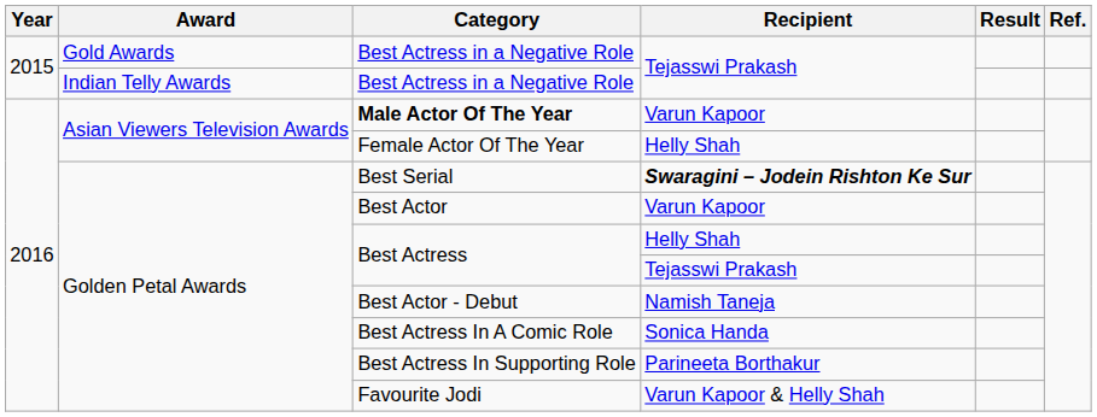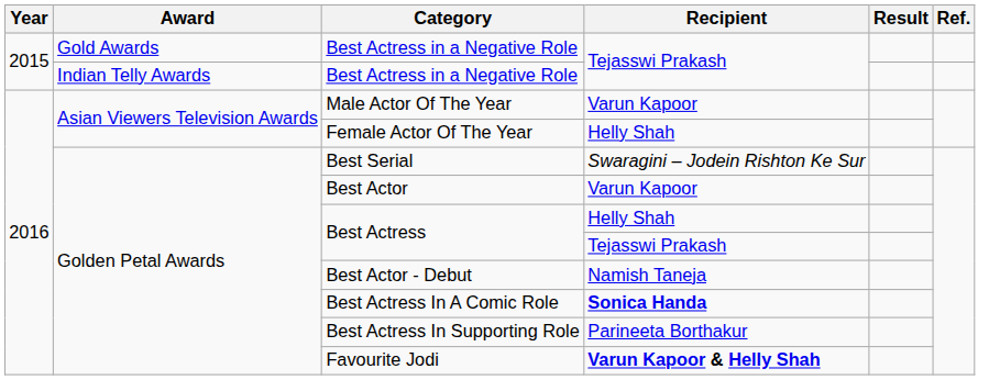 <table class="wikitable">
 <tr>
 <th>Year</th>
 <th>Award</th>
 <th>Category</th>
 <th>Recipient</th>
 <th>Result</th>
 <th>Ref.</th>
 </tr>
 <tr>
 <td rowspan="2">2015</td>
 <td><a href='#'>Gold Awards</a></td>
 <td><a href='#'>Best Actress in a Negative Role</a></td>
 <td rowspan="2"><a href='#'>Tejasswi Prakash</a></td>
 <td></td>
 <td></td>
 </tr>
 <tr>
 <td><a href='#'>Indian Telly Awards</a></td>
 <td><a href='#'>Best Actress in a Negative Role</a></td>
 <td></td>
 <td></td>
 </tr>
 <tr>
 <td rowspan="10">2016</td>
 <td rowspan="2"><a href='#'>Asian Viewers Television Awards</a></td>
-<td><strong>Male Actor Of The Year</strong></td>
+<td>Male Actor Of The Year</td>
 <td><a href='#'>Varun Kapoor</a></td>
 <td></td>
 <td rowspan="2"></td>
 </tr>
 <tr>
 <td>Female Actor Of The Year</td>
 <td><a href='#'>Helly Shah</a></td>
 <td></td>
 </tr>
 <tr>
 <td rowspan="8">Golden Petal Awards</td>
 <td>Best Serial</td>
-<td><strong><em>Swaragini – Jodein Rishton Ke Sur</em></strong></td>
+<td><em>Swaragini – Jodein Rishton Ke Sur</em></td>
 <td></td>
 <td rowspan="8"></td>
 </tr>
 <tr>
 <td>Best Actor</td>
 <td><a href='#'>Varun Kapoor</a></td>
 <td></td>
 </tr>
 <tr>
 <td rowspan="2">Best Actress</td>
 <td><a href='#'>Helly Shah</a></td>
 <td></td>
 </tr>
 <tr>
 <td><a href='#'>Tejasswi Prakash</a></td>
 <td></td>
 </tr>
 <tr>
 <td>Best Actor - Debut</td>
 <td><a href='#'>Namish Taneja</a></td>
 <td></td>
 </tr>
 <tr>
 <td>Best Actress In A Comic Role</td>
-<td><a href='#'>Sonica Handa</a></td>
+<td><strong><a href='#'>Sonica Handa</a></strong></td>
 <td></td>
 </tr>
 <tr>
 <td>Best Actress In Supporting Role</td>
 <td><a href='#'>Parineeta Borthakur</a></td>
 <td></td>
 </tr>
 <tr>
 <td>Favourite Jodi</td>
-<td><a href='#'>Varun Kapoor</a> & <a href='#'>Helly Shah</a></td>
+<td><strong><a href='#'>Varun Kapoor</a> & <a href='#'>Helly Shah</a></strong></td>
 <td></td>
 </tr>
 </table>
